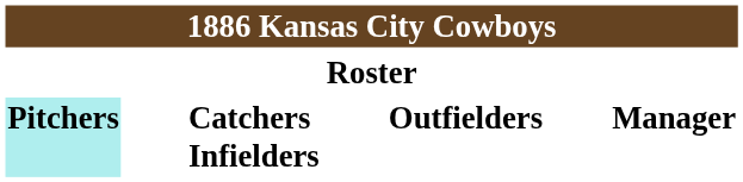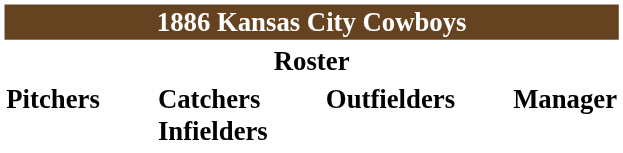 <table class="toccolours" style="font-size: 95%;">
 <tr>
 <th colspan="10" style="background-color: #654321; color: white; text-align: center;">1886 Kansas City Cowboys</th>
 </tr>
 <tr>
 <td colspan="10" style="background-color: white; color: 654321; text-align: center;"><strong>Roster</strong></td>
 </tr>
 <tr>
-<td valign="top" style="background: paleturquoise;"><strong>Pitchers</strong><br>   </td>
+<td valign="top"><strong>Pitchers</strong><br>   </td>
 <td width="25px"></td>
 <td valign="top"><strong>Catchers</strong><br>     <strong>Infielders</strong>    </td>
 <td width="25px"></td>
 <td valign="top"><strong>Outfielders</strong><br>   </td>
 <td width="25px"></td>
 <td valign="top"><strong>Manager</strong><br></td>
 </tr>
 </table>
